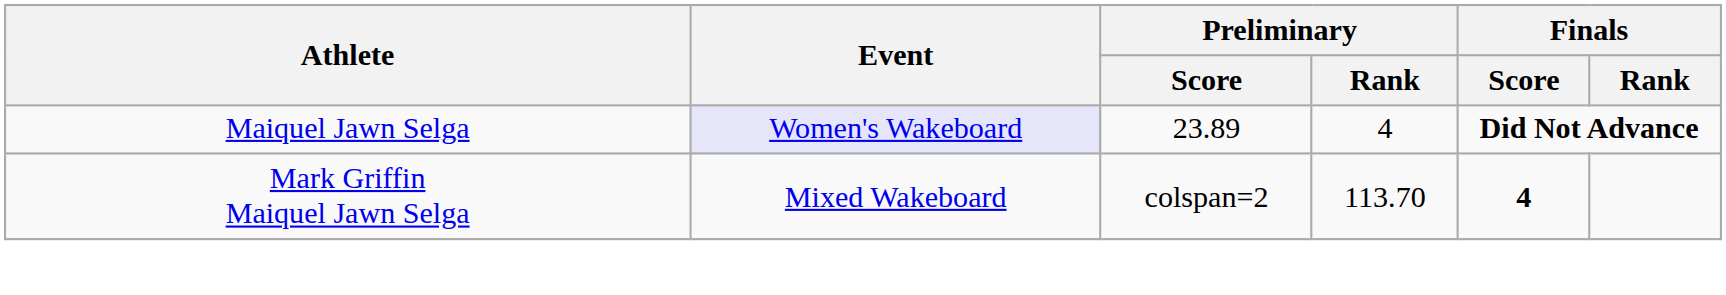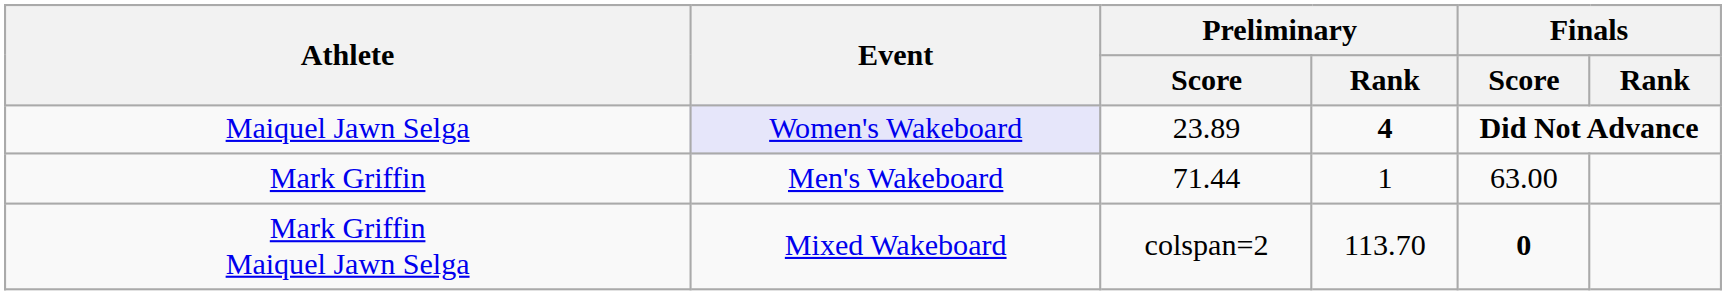 <table class="wikitable" width="65%" style="text-align:center; font-size:90%">
 <tr>
 <th rowspan=2 width="25%">Athlete</th>
 <th rowspan=2 width="15%">Event</th>
 <th colspan=2 width="12%">Preliminary</th>
 <th colspan=2 width="9%">Finals</th>
 </tr>
 <tr>
 <th>Score</th>
 <th>Rank</th>
 <th>Score</th>
 <th>Rank</th>
 </tr>
 <tr>
 <td><a href='#'>Maiquel Jawn Selga</a></td>
 <td style="background: lavender;"><a href='#'>Women's Wakeboard</a></td>
 <td align=center>23.89</td>
-<td align=center>4</td>
+<td align=center><strong>4</strong></td>
 <td align=center colspan=2><strong>Did Not Advance</strong></td>
+</tr>
+<tr>
+<td><a href='#'>Mark Griffin</a></td>
+<td><a href='#'>Men's Wakeboard</a></td>
+<td align=center>71.44</td>
+<td align=center>1 <strong></strong></td>
+<td align=center>63.00</td>
+<td align=center></td>
 </tr>
 <tr>
 <td><a href='#'>Mark Griffin</a><br><a href='#'>Maiquel Jawn Selga</a></td>
 <td><a href='#'>Mixed Wakeboard</a></td>
 <td>colspan=2 </td>
 <td align=center>113.70</td>
-<td align=center><strong>4</strong></td>
+<td align=center><strong>0</strong></td>
 </tr>
 </table>
